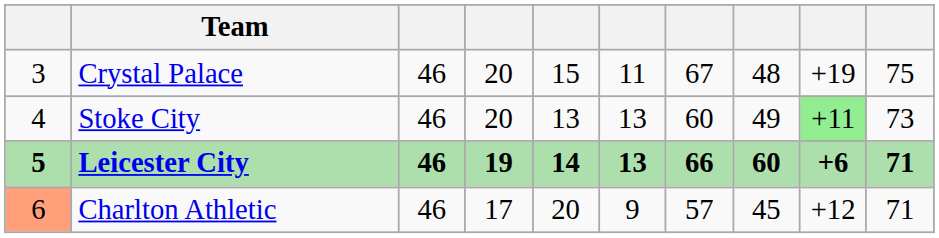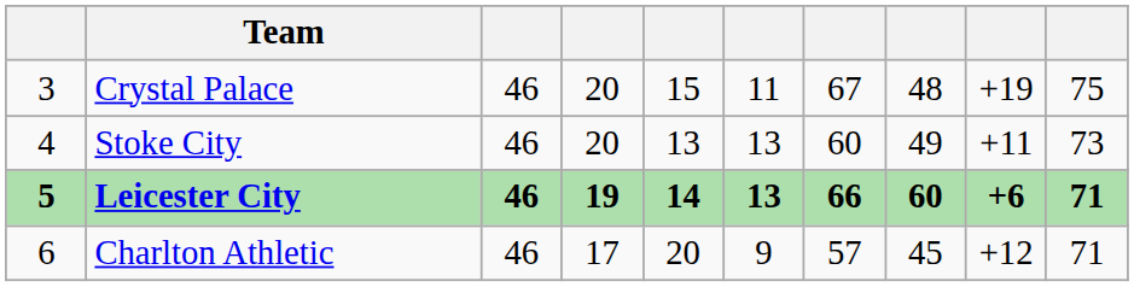 <table class="wikitable" style="text-align:center">
 <tr>
 <th width="30"></th>
 <th width="175">Team</th>
 <th width="30"></th>
 <th width="30"></th>
 <th width="30"></th>
 <th width="30"></th>
 <th width="30"></th>
 <th width="30"></th>
 <th width="30"></th>
 <th width="30"></th>
 </tr>
 <tr>
 <td>3</td>
 <td align=left><a href='#'>Crystal Palace</a></td>
 <td>46</td>
 <td>20</td>
 <td>15</td>
 <td>11</td>
 <td>67</td>
 <td>48</td>
 <td>+19</td>
 <td>75</td>
 </tr>
 <tr>
 <td>4</td>
 <td align=left><a href='#'>Stoke City</a></td>
 <td>46</td>
 <td>20</td>
 <td>13</td>
 <td>13</td>
 <td>60</td>
 <td>49</td>
-<td style="background: lightgreen;">+11</td>
+<td>+11</td>
 <td>73</td>
 </tr>
 <tr bgcolor=#ADDFAD>
 <td><strong>5</strong></td>
 <td align=left><strong><a href='#'>Leicester City</a></strong></td>
 <td><strong>46</strong></td>
 <td><strong>19</strong></td>
 <td><strong>14</strong></td>
 <td><strong>13</strong></td>
 <td><strong>66</strong></td>
 <td><strong>60</strong></td>
 <td><strong>+6</strong></td>
 <td><strong>71</strong></td>
 </tr>
 <tr>
-<td style="background: lightsalmon;">6</td>
+<td>6</td>
 <td align=left><a href='#'>Charlton Athletic</a></td>
 <td>46</td>
 <td>17</td>
 <td>20</td>
 <td>9</td>
 <td>57</td>
 <td>45</td>
 <td>+12</td>
 <td>71</td>
 </tr>
 </table>
